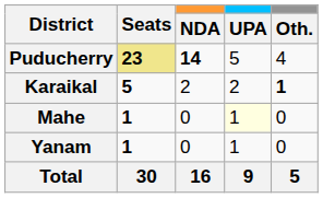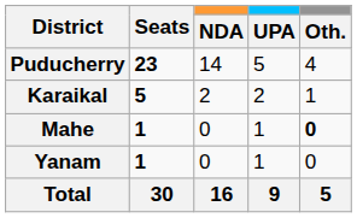 <table class="wikitable sortable">
 <tr>
 <th rowspan ="2">District</th>
 <th rowspan ="2">Seats</th>
 <th style="background:#FF9933;"></th>
 <th style="background:#00BFFF;"></th>
 <th style="background:#939393;"></th>
 </tr>
 <tr>
 <th>NDA</th>
 <th>UPA</th>
 <th>Oth.</th>
 </tr>
 <tr>
 <th>Puducherry</th>
-<td style="background: khaki;"><strong>23</strong></td>
-<td><strong>14</strong></td>
+<td><strong>23</strong></td>
+<td>14</td>
 <td>5</td>
 <td>4</td>
 </tr>
 <tr>
 <th>Karaikal</th>
 <td><strong>5</strong></td>
 <td>2</td>
 <td>2</td>
-<td><strong>1</strong></td>
+<td>1</td>
 </tr>
 <tr>
 <th>Mahe</th>
 <td><strong>1</strong></td>
 <td>0</td>
-<td style="background: lightyellow;">1</td>
-<td>0</td>
+<td>1</td>
+<td><strong>0</strong></td>
 </tr>
 <tr>
 <th>Yanam</th>
 <td><strong>1</strong></td>
 <td>0</td>
 <td>1</td>
 <td>0</td>
 </tr>
 <tr>
 <th>Total</th>
 <th>30</th>
 <th>16</th>
 <th>9</th>
 <th>5</th>
 </tr>
 </table>
